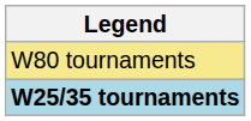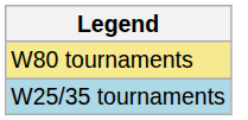 <table class="wikitable" style=font-size:85%>
 <tr>
 <th>Legend</th>
 </tr>
 <tr style="background:#f7e98e;">
 <td>W80 tournaments</td>
 </tr>
 <tr style="background:lightblue;">
-<td><strong>W25/35 tournaments</strong></td>
+<td>W25/35 tournaments</td>
 </tr>
 </table>
